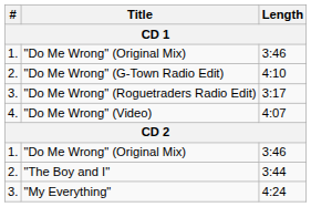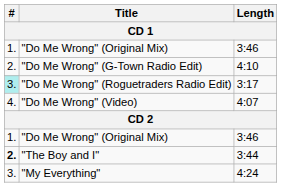 <table class="wikitable">
 <tr>
 <th bgcolor="#dbe5ff">#</th>
 <th bgcolor="#dbe5ff">Title</th>
 <th bgcolor="#dbe5ff">Length</th>
 </tr>
 <tr>
 <th bgcolor="#ebf5ff" colspan="3">CD 1</th>
 </tr>
 <tr>
 <td>1.</td>
 <td>"Do Me Wrong" (Original Mix)</td>
 <td>3:46</td>
 </tr>
 <tr>
 <td>2.</td>
 <td>"Do Me Wrong" (G-Town Radio Edit)</td>
 <td>4:10</td>
 </tr>
 <tr>
-<td>3.</td>
+<td style="background: paleturquoise;">3.</td>
 <td>"Do Me Wrong" (Roguetraders Radio Edit)</td>
 <td>3:17</td>
 </tr>
 <tr>
 <td>4.</td>
 <td>"Do Me Wrong" (Video)</td>
 <td>4:07</td>
 </tr>
 <tr>
 <th bgcolor="#ebf5ff" colspan="3">CD 2</th>
 </tr>
 <tr>
 <td>1.</td>
 <td>"Do Me Wrong" (Original Mix)</td>
 <td>3:46</td>
 </tr>
 <tr>
-<td>2.</td>
+<td><strong>2.</strong></td>
 <td>"The Boy and I"</td>
 <td>3:44</td>
 </tr>
 <tr>
 <td>3.</td>
 <td>"My Everything"</td>
 <td>4:24</td>
 </tr>
 </table>
